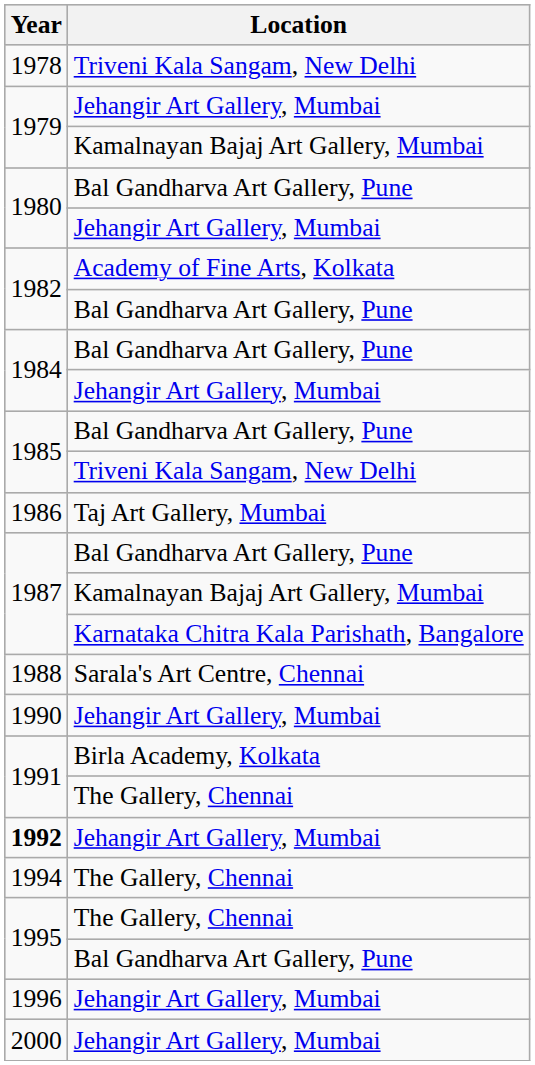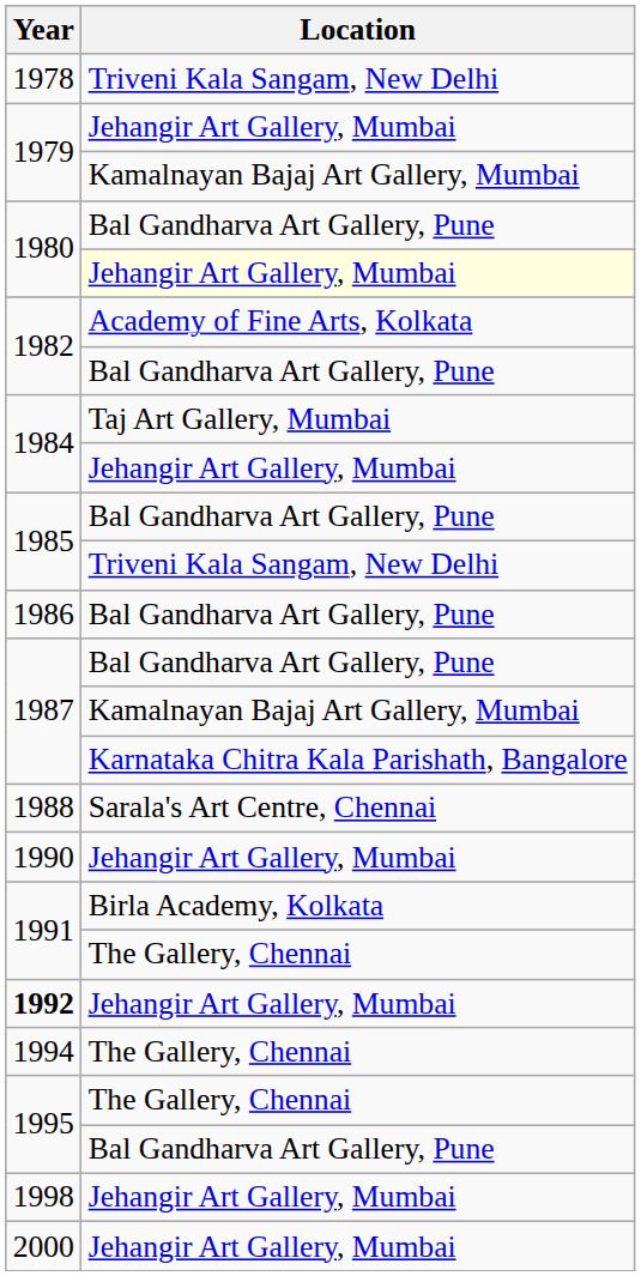 <table class="wikitable">
 <tr>
 <th>Year</th>
 <th>Location</th>
 </tr>
 <tr>
 <td>1978</td>
 <td><a href='#'>Triveni Kala Sangam</a>, <a href='#'>New Delhi</a></td>
 </tr>
 <tr>
 <td rowspan=2>1979</td>
 <td><a href='#'>Jehangir Art Gallery</a>, <a href='#'>Mumbai</a></td>
 </tr>
 <tr>
 <td>Kamalnayan Bajaj Art Gallery, <a href='#'>Mumbai</a></td>
 </tr>
 <tr>
 <td rowspan=2>1980</td>
 <td>Bal Gandharva Art Gallery, <a href='#'>Pune</a></td>
 </tr>
 <tr>
-<td><a href='#'>Jehangir Art Gallery</a>, <a href='#'>Mumbai</a></td>
+<td style="background: lightyellow;"><a href='#'>Jehangir Art Gallery</a>, <a href='#'>Mumbai</a></td>
 </tr>
 <tr>
 <td rowspan=2>1982</td>
 <td><a href='#'>Academy of Fine Arts</a>, <a href='#'>Kolkata</a></td>
 </tr>
 <tr>
 <td>Bal Gandharva Art Gallery, <a href='#'>Pune</a></td>
 </tr>
 <tr>
 <td rowspan=2>1984</td>
-<td>Bal Gandharva Art Gallery, <a href='#'>Pune</a></td>
+<td>Taj Art Gallery, <a href='#'>Mumbai</a></td>
 </tr>
 <tr>
 <td><a href='#'>Jehangir Art Gallery</a>, <a href='#'>Mumbai</a></td>
 </tr>
 <tr>
 <td rowspan=2>1985</td>
 <td>Bal Gandharva Art Gallery, <a href='#'>Pune</a></td>
 </tr>
 <tr>
 <td><a href='#'>Triveni Kala Sangam</a>, <a href='#'>New Delhi</a></td>
 </tr>
 <tr>
 <td>1986</td>
-<td>Taj Art Gallery, <a href='#'>Mumbai</a></td>
+<td>Bal Gandharva Art Gallery, <a href='#'>Pune</a></td>
 </tr>
 <tr>
 <td rowspan=3>1987</td>
 <td>Bal Gandharva Art Gallery, <a href='#'>Pune</a></td>
 </tr>
 <tr>
 <td>Kamalnayan Bajaj Art Gallery, <a href='#'>Mumbai</a></td>
 </tr>
 <tr>
 <td><a href='#'>Karnataka Chitra Kala Parishath</a>, <a href='#'>Bangalore</a></td>
 </tr>
 <tr>
 <td>1988</td>
 <td>Sarala's Art Centre, <a href='#'>Chennai</a></td>
 </tr>
 <tr>
 <td>1990</td>
 <td><a href='#'>Jehangir Art Gallery</a>, <a href='#'>Mumbai</a></td>
 </tr>
 <tr>
 <td rowspan=2>1991</td>
 <td>Birla Academy, <a href='#'>Kolkata</a></td>
 </tr>
 <tr>
 <td>The Gallery, <a href='#'>Chennai</a></td>
 </tr>
 <tr>
 <td><strong>1992</strong></td>
 <td><a href='#'>Jehangir Art Gallery</a>, <a href='#'>Mumbai</a></td>
 </tr>
 <tr>
 <td>1994</td>
 <td>The Gallery, <a href='#'>Chennai</a></td>
 </tr>
 <tr>
 <td rowspan=2>1995</td>
 <td>The Gallery, <a href='#'>Chennai</a></td>
 </tr>
 <tr>
 <td>Bal Gandharva Art Gallery, <a href='#'>Pune</a></td>
 </tr>
 <tr>
-<td>1996</td>
+<td>1998</td>
 <td><a href='#'>Jehangir Art Gallery</a>, <a href='#'>Mumbai</a></td>
 </tr>
 <tr>
 <td>2000</td>
 <td><a href='#'>Jehangir Art Gallery</a>, <a href='#'>Mumbai</a></td>
 </tr>
 </table>
